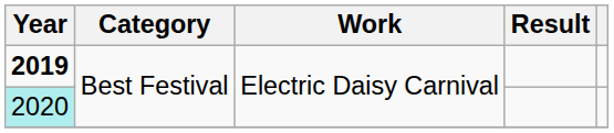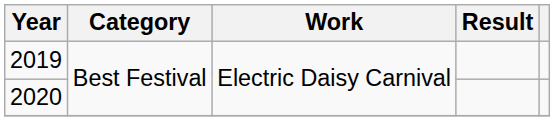 <table class="wikitable">
 <tr>
 <th>Year</th>
 <th>Category</th>
 <th>Work</th>
 <th>Result</th>
 <th></th>
 </tr>
 <tr>
-<td><strong>2019</strong></td>
+<td>2019</td>
 <td rowspan="2">Best Festival</td>
 <td rowspan="2">Electric Daisy Carnival</td>
 <td></td>
 <td></td>
 </tr>
 <tr>
-<td style="background: paleturquoise;">2020</td>
+<td>2020</td>
 <td></td>
 <td></td>
 </tr>
 <tr>
 </tr>
 </table>
